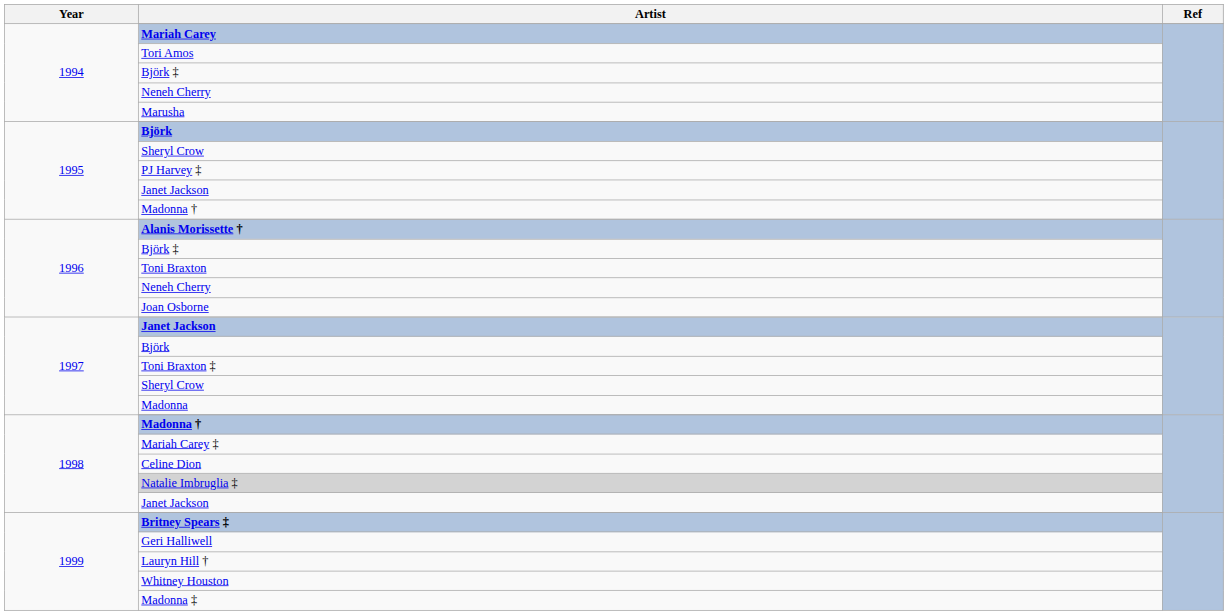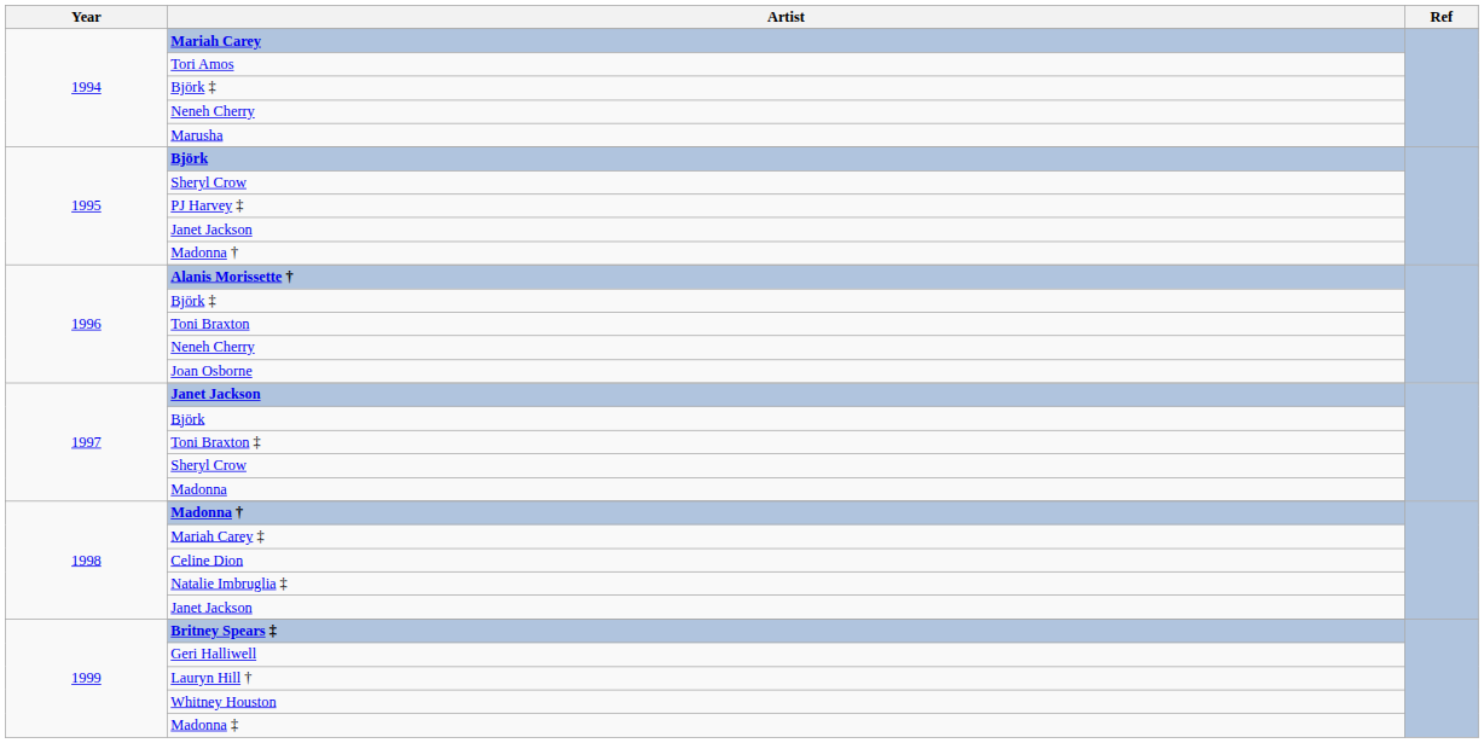 <table class="wikitable" style="width:100%;">
 <tr style="background:#bebebe;">
 <th style="width:11%;">Year</th>
 <th style="width:84%;">Artist</th>
 <th style="width:5%;">Ref</th>
 </tr>
 <tr>
 <td rowspan="6" align="center"><a href='#'>1994</a></td>
 </tr>
 <tr style="background:#B0C4DE">
 <td><strong><a href='#'>Mariah Carey</a></strong></td>
 <td rowspan="6" align="center"></td>
 </tr>
 <tr>
 <td><a href='#'>Tori Amos</a></td>
 </tr>
 <tr>
 <td><a href='#'>Björk</a> ‡</td>
 </tr>
 <tr>
 <td><a href='#'>Neneh Cherry</a></td>
 </tr>
 <tr>
 <td><a href='#'>Marusha</a></td>
 </tr>
 <tr>
 <td rowspan="6" align="center"><a href='#'>1995</a></td>
 </tr>
 <tr style="background:#B0C4DE">
 <td><strong><a href='#'>Björk</a></strong></td>
 <td rowspan="6" align="center"></td>
 </tr>
 <tr>
 <td><a href='#'>Sheryl Crow</a></td>
 </tr>
 <tr>
 <td><a href='#'>PJ Harvey</a> ‡</td>
 </tr>
 <tr>
 <td><a href='#'>Janet Jackson</a></td>
 </tr>
 <tr>
 <td><a href='#'>Madonna</a> †</td>
 </tr>
 <tr>
 <td rowspan="6" align="center"><a href='#'>1996</a></td>
 </tr>
 <tr style="background:#B0C4DE">
 <td><strong><a href='#'>Alanis Morissette</a> †</strong></td>
 <td rowspan="6" align="center"></td>
 </tr>
 <tr>
 <td><a href='#'>Björk</a> ‡</td>
 </tr>
 <tr>
 <td><a href='#'>Toni Braxton</a></td>
 </tr>
 <tr>
 <td><a href='#'>Neneh Cherry</a></td>
 </tr>
 <tr>
 <td><a href='#'>Joan Osborne</a></td>
 </tr>
 <tr>
 <td rowspan="6" align="center"><a href='#'>1997</a></td>
 </tr>
 <tr style="background:#B0C4DE">
 <td><strong><a href='#'>Janet Jackson</a></strong></td>
 <td rowspan="6" align="center"></td>
 </tr>
 <tr>
 <td><a href='#'>Björk</a></td>
 </tr>
 <tr>
 <td><a href='#'>Toni Braxton</a> ‡</td>
 </tr>
 <tr>
 <td><a href='#'>Sheryl Crow</a></td>
 </tr>
 <tr>
 <td><a href='#'>Madonna</a></td>
 </tr>
 <tr>
 <td rowspan="6" align="center"><a href='#'>1998</a></td>
 </tr>
 <tr style="background:#B0C4DE">
 <td><strong><a href='#'>Madonna</a> †</strong></td>
 <td rowspan="6" align="center"></td>
 </tr>
 <tr>
 <td><a href='#'>Mariah Carey</a> ‡</td>
 </tr>
 <tr>
 <td><a href='#'>Celine Dion</a></td>
 </tr>
 <tr>
-<td style="background: lightgrey;"><a href='#'>Natalie Imbruglia</a> ‡</td>
+<td><a href='#'>Natalie Imbruglia</a> ‡</td>
 </tr>
 <tr>
 <td><a href='#'>Janet Jackson</a></td>
 </tr>
 <tr>
 <td rowspan="6" align="center"><a href='#'>1999</a></td>
 </tr>
 <tr style="background:#B0C4DE">
 <td><strong><a href='#'>Britney Spears</a> ‡</strong></td>
 <td rowspan="6" align="center"></td>
 </tr>
 <tr>
 <td><a href='#'>Geri Halliwell</a></td>
 </tr>
 <tr>
 <td><a href='#'>Lauryn Hill</a> †</td>
 </tr>
 <tr>
 <td><a href='#'>Whitney Houston</a></td>
 </tr>
 <tr>
 <td><a href='#'>Madonna</a> ‡</td>
 </tr>
 </table>
